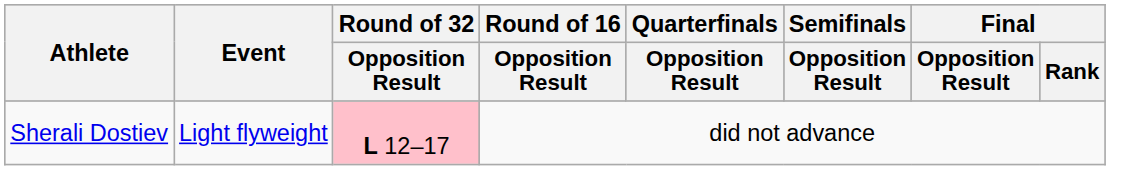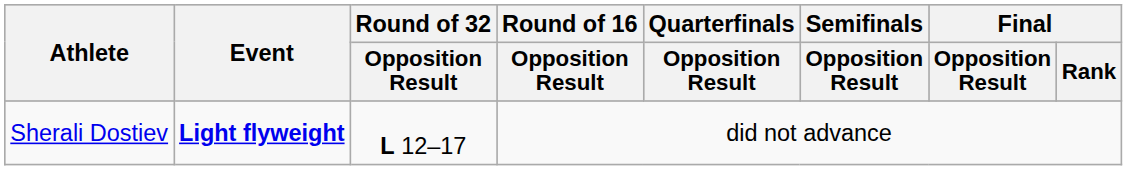 <table class="wikitable" style="font-size:90%">
 <tr>
 <th rowspan="2">Athlete</th>
 <th rowspan="2">Event</th>
 <th>Round of 32</th>
 <th>Round of 16</th>
 <th>Quarterfinals</th>
 <th>Semifinals</th>
 <th colspan=2>Final</th>
 </tr>
 <tr style="font-size:95%">
 <th>Opposition<br>Result</th>
 <th>Opposition<br>Result</th>
 <th>Opposition<br>Result</th>
 <th>Opposition<br>Result</th>
 <th>Opposition<br>Result</th>
 <th>Rank</th>
 </tr>
 <tr align=center>
 <td align=left><a href='#'>Sherali Dostiev</a></td>
-<td align=left><a href='#'>Light flyweight</a></td>
-<td style="background: pink;"><br><strong>L</strong> 12–17</td>
+<td align=left><strong><a href='#'>Light flyweight</a></strong></td>
+<td><br><strong>L</strong> 12–17</td>
 <td colspan=5>did not advance</td>
 </tr>
 </table>
